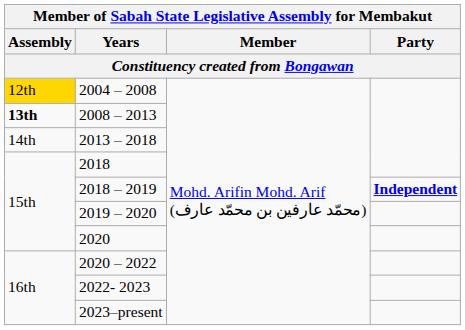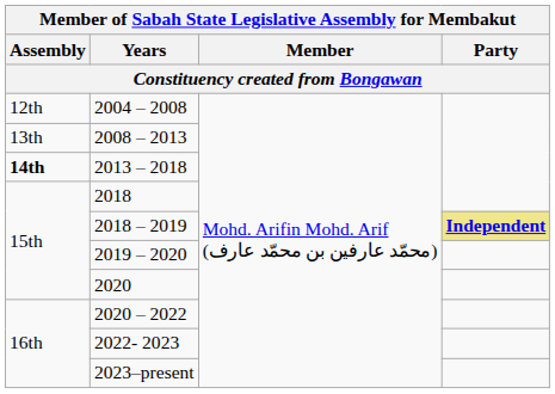 <table class="wikitable">
 <tr>
 <th colspan="4">Member of <a href='#'>Sabah State Legislative Assembly</a> for Membakut</th>
 </tr>
 <tr>
 <th>Assembly</th>
 <th>Years</th>
 <th>Member</th>
 <th>Party</th>
 </tr>
 <tr>
 <th colspan="4" align="center"><em>Constituency created from <a href='#'>Bongawan</a></em></th>
 </tr>
 <tr>
-<td style="background: gold;">12th</td>
+<td>12th</td>
 <td>2004 – 2008</td>
 <td rowspan="10"><a href='#'>Mohd. Arifin Mohd. Arif</a><br>(محمّد عارفين بن محمّد عارف)</td>
 <td rowspan="4"></td>
 </tr>
 <tr>
-<td><strong>13th</strong></td>
+<td>13th</td>
 <td>2008 – 2013</td>
 </tr>
 <tr>
-<td>14th</td>
+<td><strong>14th</strong></td>
 <td>2013 – 2018</td>
 </tr>
 <tr>
 <td rowspan="4">15th</td>
 <td>2018</td>
 </tr>
 <tr>
 <td>2018 – 2019</td>
-<td><strong><a href='#'>Independent</a></strong></td>
+<td style="background: khaki;"><strong><a href='#'>Independent</a></strong></td>
 </tr>
 <tr>
 <td>2019 – 2020</td>
 <td></td>
 </tr>
 <tr>
 <td>2020</td>
 <td></td>
 </tr>
 <tr>
 <td rowspan="3">16th</td>
 <td>2020 – 2022</td>
 <td></td>
 </tr>
 <tr>
 <td>2022- 2023</td>
 <td></td>
 </tr>
 <tr>
 <td>2023–present</td>
 <td></td>
 </tr>
 </table>
